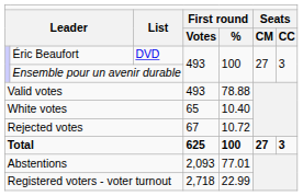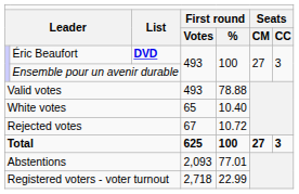 <table class="wikitable">
 <tr>
 <td colspan="7"></td>
 </tr>
 <tr>
 <th colspan="2" rowspan="2">Leader</th>
 <th rowspan="2">List</th>
 <th colspan="2">First round</th>
 <th colspan="2">Seats</th>
 </tr>
 <tr>
 <th>Votes</th>
 <th>%</th>
 <th>CM</th>
 <th>CC</th>
 </tr>
 <tr>
 <td rowspan="2" bgcolor="#ccccff"></td>
 <td>Éric Beaufort</td>
-<td><a href='#'>DVD</a></td>
+<td><strong><a href='#'>DVD</a></strong></td>
 <td rowspan="2">493</td>
 <td rowspan="2">100</td>
 <td rowspan="2">27</td>
 <td rowspan="2">3</td>
 </tr>
 <tr>
 <td colspan="2"><em>Ensemble pour un avenir durable</em></td>
 </tr>
 <tr>
 <td colspan="3">Valid votes</td>
 <td>493</td>
 <td>78.88</td>
 <th colspan="2" rowspan="3"></th>
 </tr>
 <tr>
 <td colspan="3">White votes</td>
 <td>65</td>
 <td>10.40</td>
 </tr>
 <tr>
 <td colspan="3">Rejected votes</td>
 <td>67</td>
 <td>10.72</td>
 </tr>
 <tr>
 <td colspan="3"><strong>Total</strong></td>
 <td><strong>625</strong></td>
 <td><strong>100</strong></td>
 <td><strong>27</strong></td>
 <td><strong>3</strong></td>
 </tr>
 <tr>
 <td colspan="3">Abstentions</td>
 <td>2,093</td>
 <td>77.01</td>
 <th colspan="2" rowspan="2"></th>
 </tr>
 <tr>
 <td colspan="3">Registered voters - voter turnout</td>
 <td>2,718</td>
 <td>22.99</td>
 </tr>
 </table>
